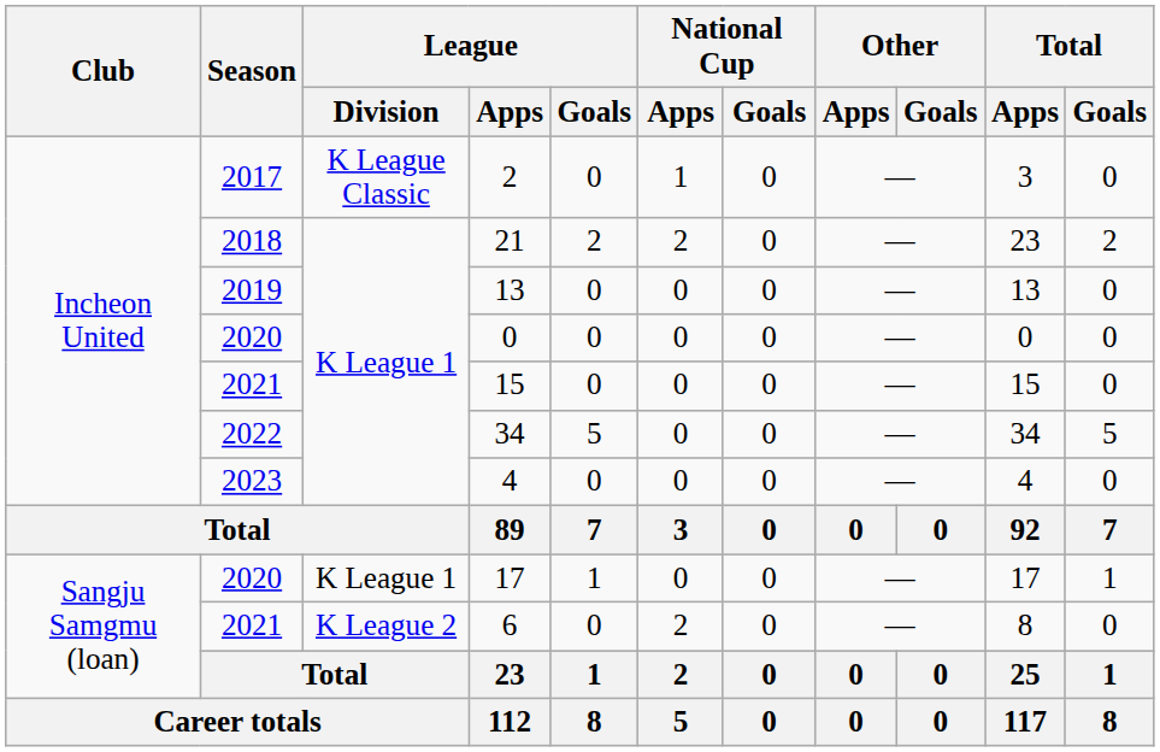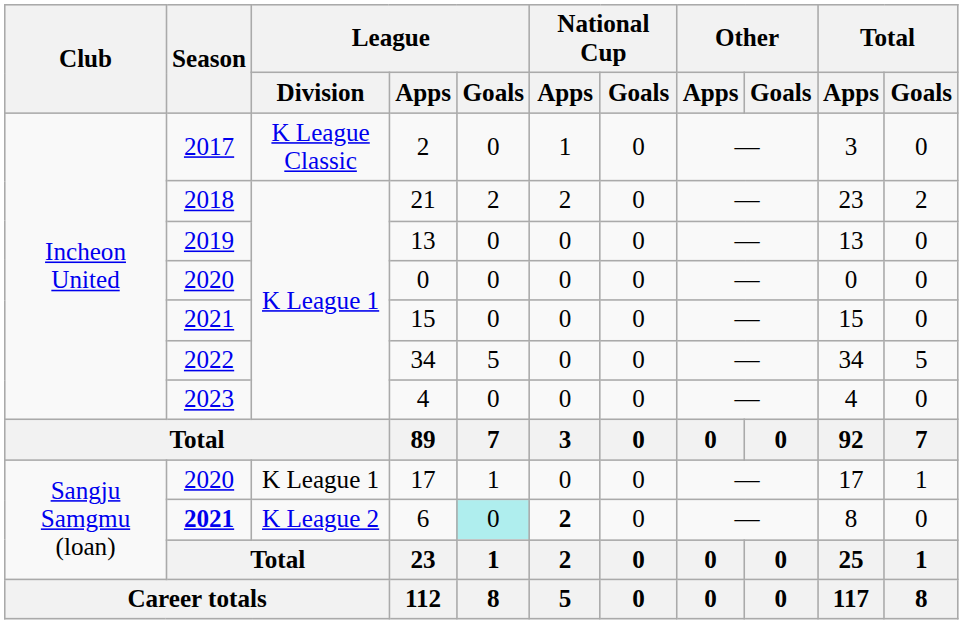 <table class="wikitable" style="text-align:center">
 <tr>
 <th rowspan="2">Club</th>
 <th rowspan="2">Season</th>
 <th colspan="3">League</th>
 <th colspan="2">National Cup</th>
 <th colspan="2">Other</th>
 <th colspan="2">Total</th>
 </tr>
 <tr>
 <th>Division</th>
 <th>Apps</th>
 <th>Goals</th>
 <th>Apps</th>
 <th>Goals</th>
 <th>Apps</th>
 <th>Goals</th>
 <th>Apps</th>
 <th>Goals</th>
 </tr>
 <tr>
 <td rowspan="7"><a href='#'>Incheon United</a></td>
 <td><a href='#'>2017</a></td>
 <td><a href='#'>K League Classic</a></td>
 <td>2</td>
 <td>0</td>
 <td>1</td>
 <td>0</td>
 <td colspan="2">—</td>
 <td>3</td>
 <td>0</td>
 </tr>
 <tr>
 <td><a href='#'>2018</a></td>
 <td rowspan="6"><a href='#'>K League 1</a></td>
 <td>21</td>
 <td>2</td>
 <td>2</td>
 <td>0</td>
 <td colspan="2">—</td>
 <td>23</td>
 <td>2</td>
 </tr>
 <tr>
 <td><a href='#'>2019</a></td>
 <td>13</td>
 <td>0</td>
 <td>0</td>
 <td>0</td>
 <td colspan="2">—</td>
 <td>13</td>
 <td>0</td>
 </tr>
 <tr>
 <td><a href='#'>2020</a></td>
 <td>0</td>
 <td>0</td>
 <td>0</td>
 <td>0</td>
 <td colspan="2">—</td>
 <td>0</td>
 <td>0</td>
 </tr>
 <tr>
 <td><a href='#'>2021</a></td>
 <td>15</td>
 <td>0</td>
 <td>0</td>
 <td>0</td>
 <td colspan="2">—</td>
 <td>15</td>
 <td>0</td>
 </tr>
 <tr>
 <td><a href='#'>2022</a></td>
 <td>34</td>
 <td>5</td>
 <td>0</td>
 <td>0</td>
 <td colspan="2">—</td>
 <td>34</td>
 <td>5</td>
 </tr>
 <tr>
 <td><a href='#'>2023</a></td>
 <td>4</td>
 <td>0</td>
 <td>0</td>
 <td>0</td>
 <td colspan="2">—</td>
 <td>4</td>
 <td>0</td>
 </tr>
 <tr>
 <th colspan="3">Total</th>
 <th>89</th>
 <th>7</th>
 <th>3</th>
 <th>0</th>
 <th>0</th>
 <th>0</th>
 <th>92</th>
 <th>7</th>
 </tr>
 <tr>
 <td rowspan="3"><a href='#'>Sangju Samgmu</a> (loan)</td>
 <td><a href='#'>2020</a></td>
 <td>K League 1</td>
 <td>17</td>
 <td>1</td>
 <td>0</td>
 <td>0</td>
 <td colspan="2">—</td>
 <td>17</td>
 <td>1</td>
 </tr>
 <tr>
-<td><a href='#'>2021</a></td>
+<td><strong><a href='#'>2021</a></strong></td>
 <td><a href='#'>K League 2</a></td>
 <td>6</td>
-<td>0</td>
-<td>2</td>
+<td style="background: paleturquoise;">0</td>
+<td><strong>2</strong></td>
 <td>0</td>
 <td colspan="2">—</td>
 <td>8</td>
 <td>0</td>
 </tr>
 <tr>
 <th colspan="2">Total</th>
 <th>23</th>
 <th>1</th>
 <th>2</th>
 <th>0</th>
 <th>0</th>
 <th>0</th>
 <th>25</th>
 <th>1</th>
 </tr>
 <tr>
 <th colspan="3">Career totals</th>
 <th>112</th>
 <th>8</th>
 <th>5</th>
 <th>0</th>
 <th>0</th>
 <th>0</th>
 <th>117</th>
 <th>8</th>
 </tr>
 </table>
